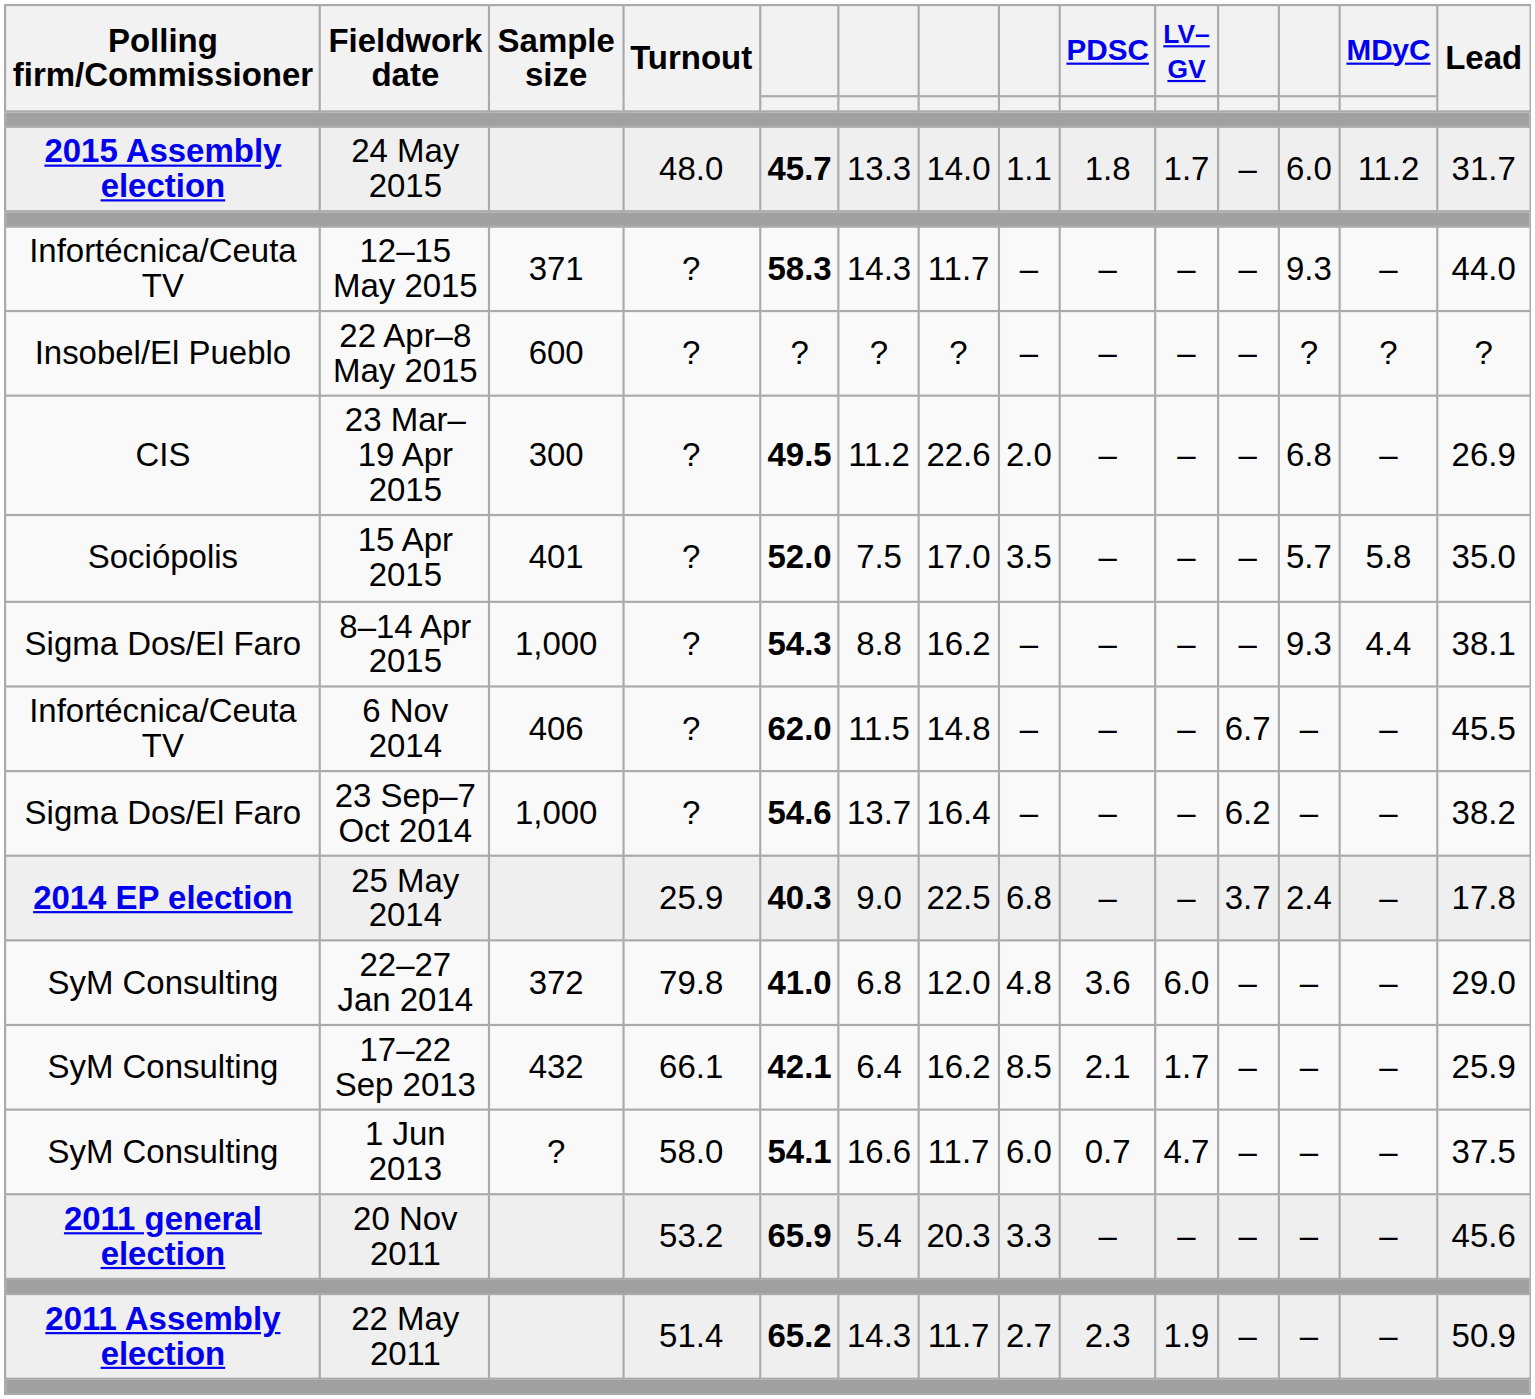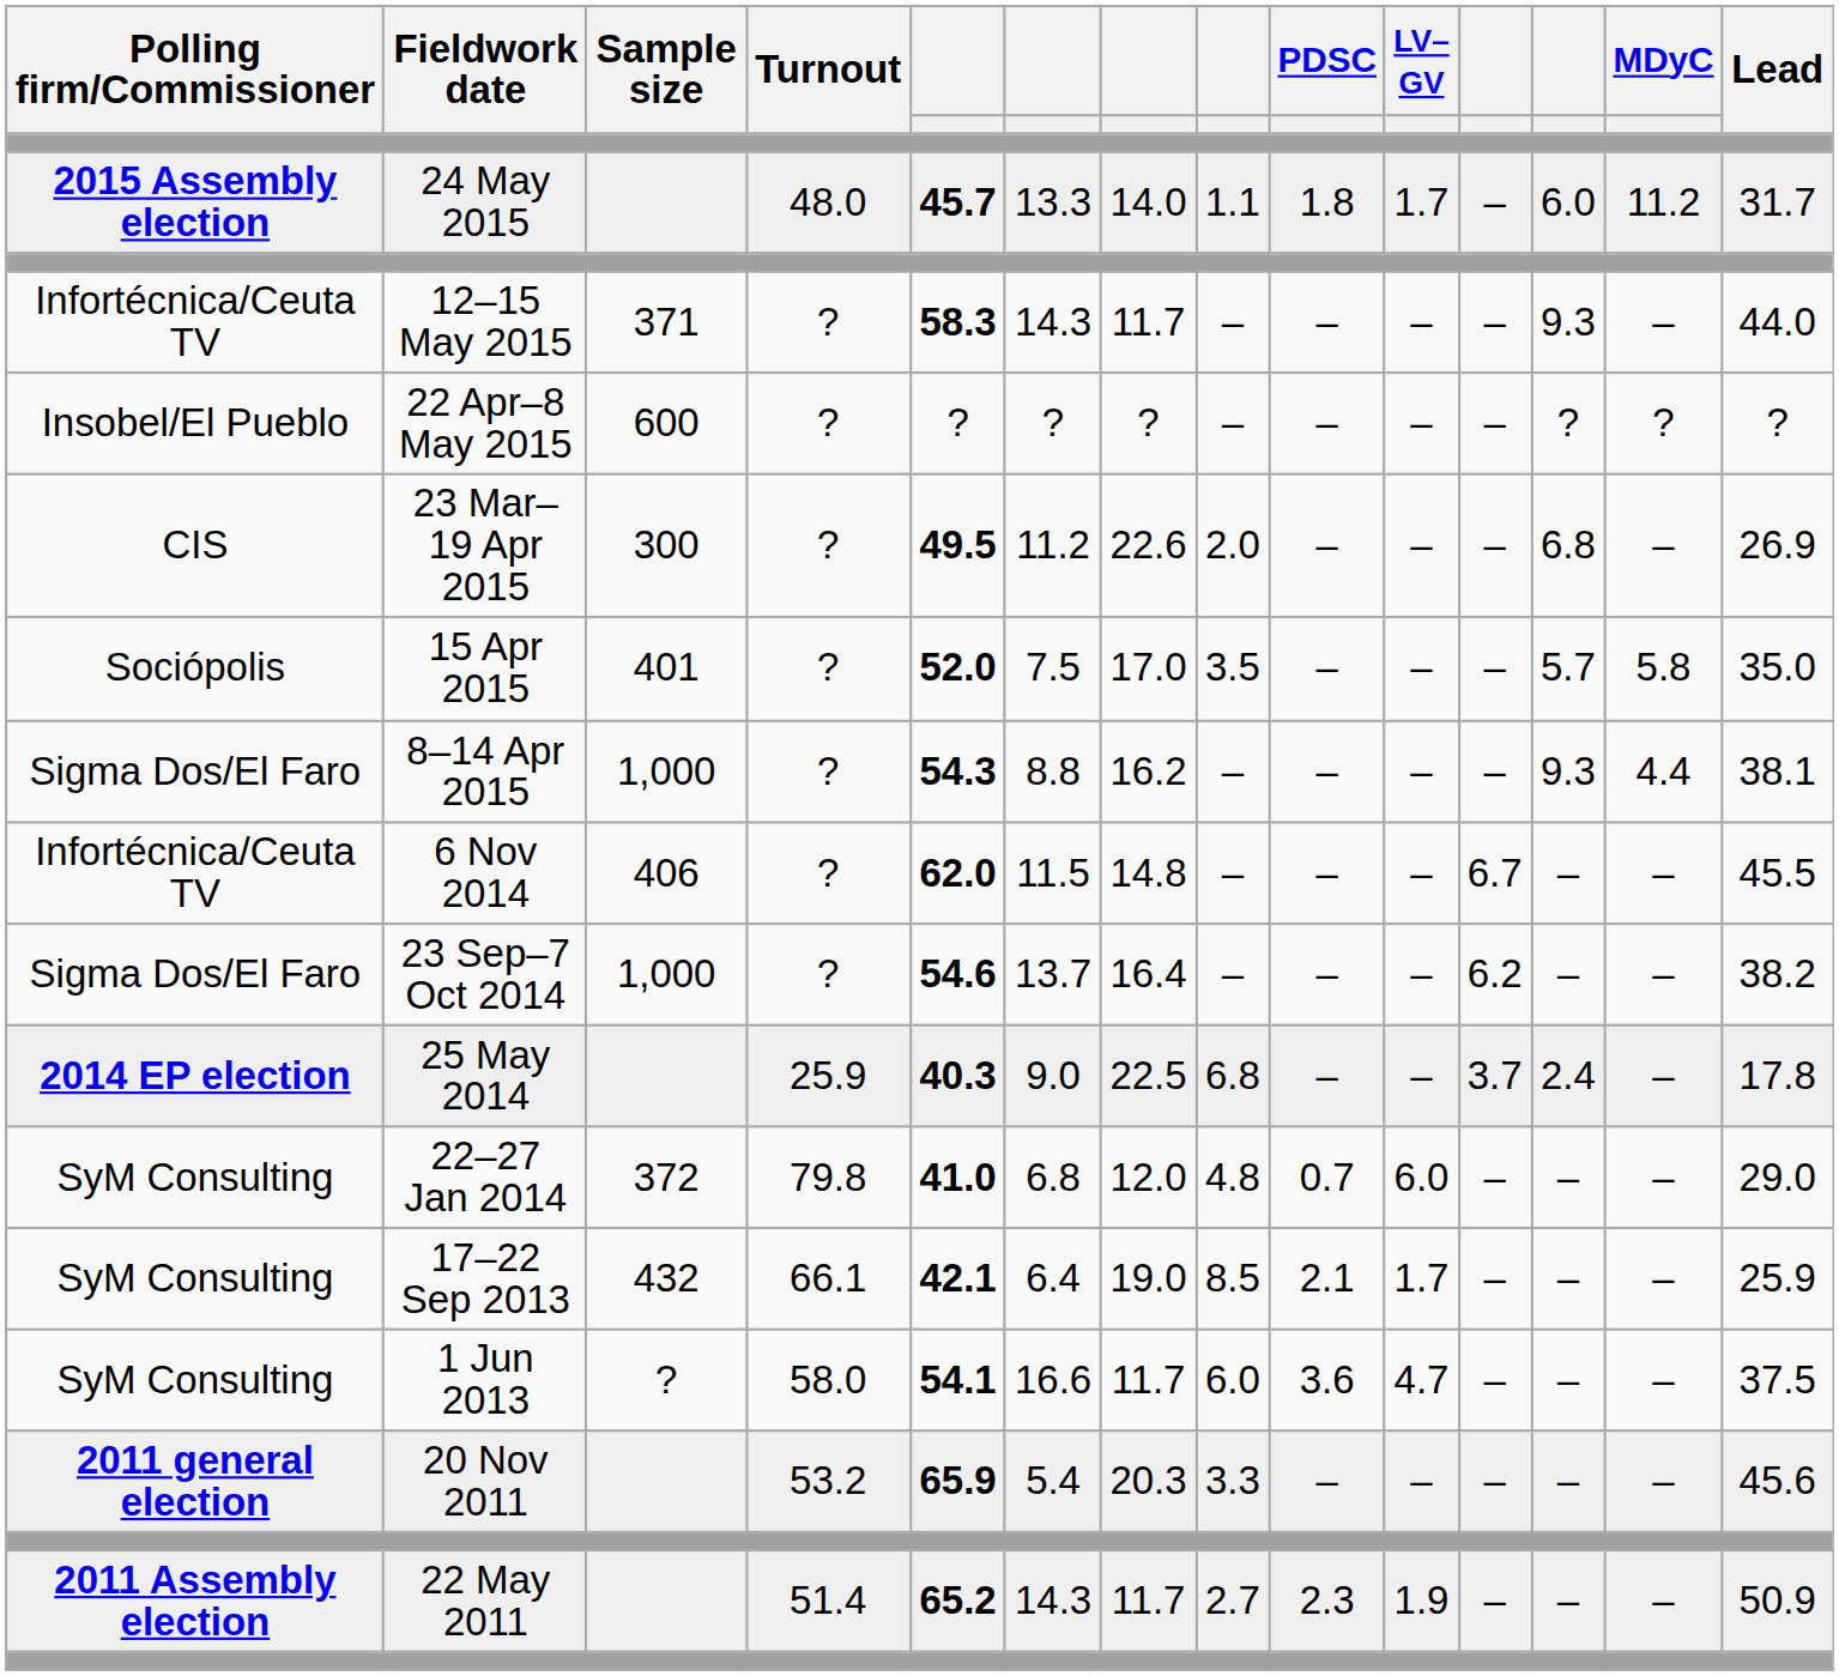 <table class="wikitable collapsible collapsed" style="text-align:center; font-size:95%; line-height:16px;">
 <tr style="height:42px;">
 <th style="width:250px;" rowspan="2">Polling firm/Commissioner</th>
 <th style="width:125px;" rowspan="2">Fieldwork date</th>
 <th style="width:50px;" rowspan="2">Sample size</th>
 <th style="width:45px;" rowspan="2">Turnout</th>
 <th style="width:35px;"></th>
 <th style="width:35px;"></th>
 <th style="width:35px;"></th>
 <th style="width:35px;"></th>
 <th style="width:35px; font-size:90%;"><a href='#'>PDSC</a></th>
 <th style="width:35px; font-size:80%;"><a href='#'>LV–GV</a></th>
 <th style="width:35px;"></th>
 <th style="width:35px;"></th>
 <th style="width:35px; font-size:90%;"><a href='#'>MDyC</a></th>
 <th style="width:30px;" rowspan="2">Lead</th>
 </tr>
 <tr>
 <th style="color:inherit;background:"></th>
 <th style="color:inherit;background:"></th>
 <th style="color:inherit;background:"></th>
 <th style="color:inherit;background:"></th>
 <th style="color:inherit;background:"></th>
 <th style="color:inherit;background:"></th>
 <th style="color:inherit;background:"></th>
 <th style="color:inherit;background:"></th>
 <th style="color:inherit;background:"></th>
 </tr>
 <tr>
 <td colspan="14" style="background:#A0A0A0"></td>
 </tr>
 <tr style="background:#EFEFEF;">
 <td><strong><a href='#'>2015 Assembly election</a></strong></td>
 <td>24 May 2015</td>
 <td></td>
 <td>48.0</td>
 <td><strong>45.7</strong><br></td>
 <td>13.3<br></td>
 <td>14.0<br></td>
 <td>1.1<br></td>
 <td>1.8<br></td>
 <td>1.7<br></td>
 <td>–</td>
 <td>6.0<br></td>
 <td>11.2<br></td>
 <td style="background:">31.7</td>
 </tr>
 <tr>
 <td colspan="14" style="background:#A0A0A0"></td>
 </tr>
 <tr>
 <td>Infortécnica/Ceuta TV</td>
 <td>12–15 May 2015</td>
 <td>371</td>
 <td>?</td>
 <td><strong>58.3</strong><br></td>
 <td>14.3<br></td>
 <td>11.7<br></td>
 <td>–</td>
 <td>–</td>
 <td>–</td>
 <td>–</td>
 <td>9.3<br></td>
 <td>–</td>
 <td style="background:">44.0</td>
 </tr>
 <tr>
 <td>Insobel/El Pueblo</td>
 <td>22 Apr–8 May 2015</td>
 <td>600</td>
 <td>?</td>
 <td>?<br></td>
 <td>?<br></td>
 <td>?<br></td>
 <td>–</td>
 <td>–</td>
 <td>–</td>
 <td>–</td>
 <td>?<br></td>
 <td>?<br></td>
 <td style="background:">?</td>
 </tr>
 <tr>
 <td>CIS</td>
 <td>23 Mar–19 Apr 2015</td>
 <td>300</td>
 <td>?</td>
 <td><strong>49.5</strong><br></td>
 <td>11.2<br></td>
 <td>22.6<br></td>
 <td>2.0<br></td>
 <td>–</td>
 <td>–</td>
 <td>–</td>
 <td>6.8<br></td>
 <td>–</td>
 <td style="background:">26.9</td>
 </tr>
 <tr>
 <td>Sociópolis</td>
 <td>15 Apr 2015</td>
 <td>401</td>
 <td>?</td>
 <td><strong>52.0</strong><br></td>
 <td>7.5<br></td>
 <td>17.0<br></td>
 <td>3.5<br></td>
 <td>–</td>
 <td>–</td>
 <td>–</td>
 <td>5.7<br></td>
 <td>5.8<br></td>
 <td style="background:">35.0</td>
 </tr>
 <tr>
 <td>Sigma Dos/El Faro</td>
 <td>8–14 Apr 2015</td>
 <td>1,000</td>
 <td>?</td>
 <td><strong>54.3</strong><br></td>
 <td>8.8<br></td>
 <td>16.2<br></td>
 <td>–</td>
 <td>–</td>
 <td>–</td>
 <td>–</td>
 <td>9.3<br></td>
 <td>4.4<br></td>
 <td style="background:">38.1</td>
 </tr>
 <tr>
 <td>Infortécnica/Ceuta TV</td>
 <td>6 Nov 2014</td>
 <td>406</td>
 <td>?</td>
 <td><strong>62.0</strong><br></td>
 <td>11.5<br></td>
 <td>14.8<br></td>
 <td>–</td>
 <td>–</td>
 <td>–</td>
 <td>6.7<br></td>
 <td>–</td>
 <td>–</td>
 <td style="background:">45.5</td>
 </tr>
 <tr>
 <td>Sigma Dos/El Faro</td>
 <td>23 Sep–7 Oct 2014</td>
 <td>1,000</td>
 <td>?</td>
 <td><strong>54.6</strong><br></td>
 <td>13.7<br></td>
 <td>16.4<br></td>
 <td>–</td>
 <td>–</td>
 <td>–</td>
 <td>6.2<br></td>
 <td>–</td>
 <td>–</td>
 <td style="background:">38.2</td>
 </tr>
 <tr style="background:#EFEFEF;">
 <td><strong><a href='#'>2014 EP election</a></strong></td>
 <td>25 May 2014</td>
 <td></td>
 <td>25.9</td>
 <td><strong>40.3</strong><br></td>
 <td>9.0<br></td>
 <td>22.5<br></td>
 <td>6.8<br></td>
 <td>–</td>
 <td>–</td>
 <td>3.7<br></td>
 <td>2.4<br></td>
 <td>–</td>
 <td style="background:">17.8</td>
 </tr>
 <tr>
 <td>SyM Consulting</td>
 <td>22–27 Jan 2014</td>
 <td>372</td>
 <td>79.8</td>
 <td><strong>41.0</strong><br></td>
 <td>6.8<br></td>
 <td>12.0<br></td>
 <td>4.8<br></td>
-<td>3.6<br></td>
+<td>0.7<br></td>
 <td>6.0<br></td>
 <td>–</td>
 <td>–</td>
 <td>–</td>
 <td style="background:">29.0</td>
 </tr>
 <tr>
 <td>SyM Consulting</td>
 <td>17–22 Sep 2013</td>
 <td>432</td>
 <td>66.1</td>
 <td><strong>42.1</strong><br></td>
 <td>6.4<br></td>
-<td>16.2<br></td>
+<td>19.0<br></td>
 <td>8.5<br></td>
 <td>2.1<br></td>
 <td>1.7<br></td>
 <td>–</td>
 <td>–</td>
 <td>–</td>
 <td style="background:">25.9</td>
 </tr>
 <tr>
 <td>SyM Consulting</td>
 <td>1 Jun 2013</td>
 <td>?</td>
 <td>58.0</td>
 <td><strong>54.1</strong><br></td>
 <td>16.6<br></td>
 <td>11.7<br></td>
 <td>6.0<br></td>
-<td>0.7<br></td>
+<td>3.6<br></td>
 <td>4.7<br></td>
 <td>–</td>
 <td>–</td>
 <td>–</td>
 <td style="background:">37.5</td>
 </tr>
 <tr style="background:#EFEFEF;">
 <td><strong><a href='#'>2011 general election</a></strong></td>
 <td>20 Nov 2011</td>
 <td></td>
 <td>53.2</td>
 <td><strong>65.9</strong><br></td>
 <td>5.4<br></td>
 <td>20.3<br></td>
 <td>3.3<br></td>
 <td>–</td>
 <td>–</td>
 <td>–</td>
 <td>–</td>
 <td>–</td>
 <td style="background:">45.6</td>
 </tr>
 <tr>
 <td colspan="14" style="background:#A0A0A0"></td>
 </tr>
 <tr style="background:#EFEFEF;">
 <td><strong><a href='#'>2011 Assembly election</a></strong></td>
 <td>22 May 2011</td>
 <td></td>
 <td>51.4</td>
 <td><strong>65.2</strong><br></td>
 <td>14.3<br></td>
 <td>11.7<br></td>
 <td>2.7<br></td>
 <td>2.3<br></td>
 <td>1.9<br></td>
 <td>–</td>
 <td>–</td>
 <td>–</td>
 <td style="background:">50.9</td>
 </tr>
 <tr>
 <td colspan="14" style="background:#A0A0A0"></td>
 </tr>
 </table>
